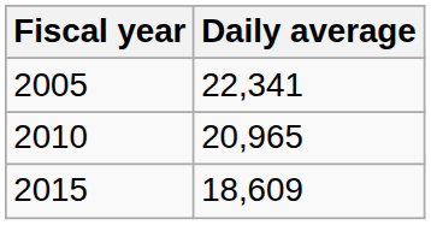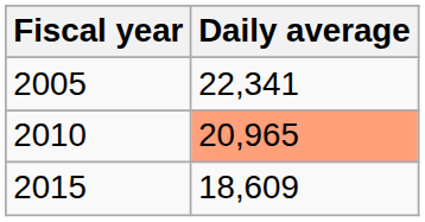 <table class="wikitable sortable">
 <tr>
 <th>Fiscal year</th>
 <th>Daily average</th>
 </tr>
 <tr>
 <td>2005</td>
 <td>22,341</td>
 </tr>
 <tr>
 <td>2010</td>
-<td>20,965</td>
+<td style="background: lightsalmon;">20,965</td>
 </tr>
 <tr>
 <td>2015</td>
 <td>18,609</td>
 </tr>
 </table>
